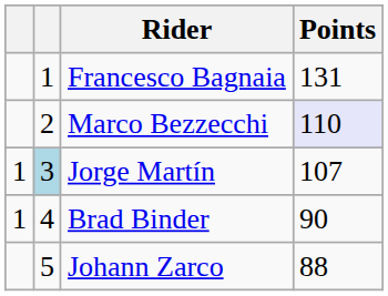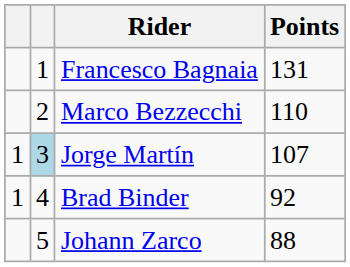 <table class="wikitable" style="font-size: 95%;">
 <tr>
 <th></th>
 <th></th>
 <th>Rider</th>
 <th>Points</th>
 </tr>
 <tr>
 <td></td>
 <td align=center>1</td>
 <td> <a href='#'>Francesco Bagnaia</a></td>
 <td align=left>131</td>
 </tr>
 <tr>
 <td></td>
 <td align=center>2</td>
 <td> <a href='#'>Marco Bezzecchi</a></td>
-<td align=left style="background: lavender;">110</td>
+<td align=left>110</td>
 </tr>
 <tr>
 <td> 1</td>
 <td align=center style="background: lightblue;">3</td>
 <td> <a href='#'>Jorge Martín</a></td>
 <td align=left>107</td>
 </tr>
 <tr>
 <td> 1</td>
 <td align=center>4</td>
 <td> <a href='#'>Brad Binder</a></td>
-<td align=left>90</td>
+<td align=left>92</td>
 </tr>
 <tr>
 <td></td>
 <td align=center>5</td>
 <td> <a href='#'>Johann Zarco</a></td>
 <td align=left>88</td>
 </tr>
 </table>
